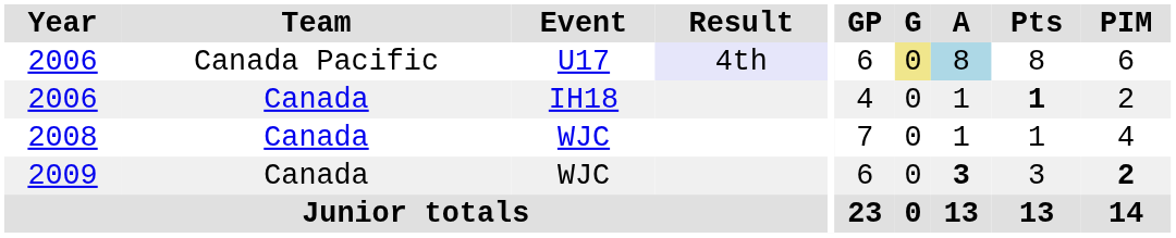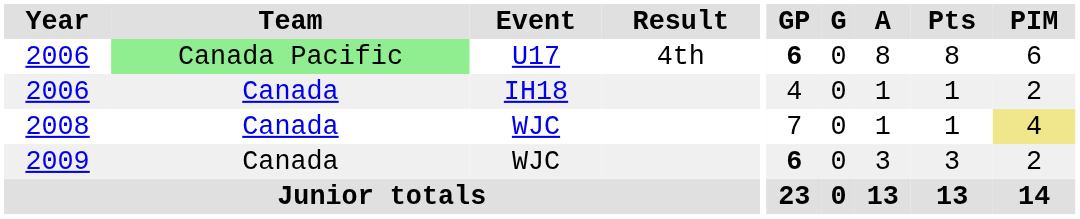 <table border="0" cellpadding="1" cellspacing="0" ID="Table3" style="text-align:center; width:40em">
 <tr ALIGN="center" bgcolor="#e0e0e0">
 <th>Year</th>
 <th>Team</th>
 <th>Event</th>
 <th>Result</th>
 <th rowspan="99" bgcolor="#ffffff"></th>
 <th>GP</th>
 <th>G</th>
 <th>A</th>
 <th>Pts</th>
 <th>PIM</th>
 </tr>
 <tr>
 <td><a href='#'>2006</a></td>
-<td>Canada Pacific</td>
+<td style="background: lightgreen;">Canada Pacific</td>
 <td><a href='#'>U17</a></td>
-<td style="background: lavender;">4th</td>
-<td>6</td>
-<td style="background: khaki;">0</td>
-<td style="background: lightblue;">8</td>
+<td>4th</td>
+<td><strong>6</strong></td>
+<td>0</td>
+<td>8</td>
 <td>8</td>
 <td>6</td>
 </tr>
 <tr bgcolor="#f0f0f0">
 <td><a href='#'>2006</a></td>
 <td><a href='#'>Canada</a></td>
 <td><a href='#'>IH18</a></td>
 <td></td>
 <td>4</td>
 <td>0</td>
 <td>1</td>
-<td><strong>1</strong></td>
+<td>1</td>
 <td>2</td>
 </tr>
 <tr>
 <td><a href='#'>2008</a></td>
 <td><a href='#'>Canada</a></td>
 <td><a href='#'>WJC</a></td>
 <td></td>
 <td>7</td>
 <td>0</td>
 <td>1</td>
 <td>1</td>
-<td>4</td>
+<td style="background: khaki;">4</td>
 </tr>
 <tr bgcolor="#f0f0f0">
 <td><a href='#'>2009</a></td>
 <td>Canada</td>
 <td>WJC</td>
 <td></td>
-<td>6</td>
+<td><strong>6</strong></td>
 <td>0</td>
-<td><strong>3</strong></td>
 <td>3</td>
-<td><strong>2</strong></td>
+<td>3</td>
+<td>2</td>
 </tr>
 <tr bgcolor="#e0e0e0">
 <th colspan="4">Junior totals</th>
 <th>23</th>
 <th>0</th>
 <th>13</th>
 <th>13</th>
 <th>14</th>
 </tr>
 </table>
